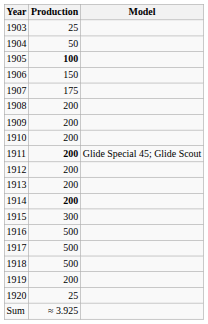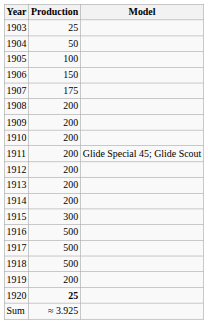 <table class="wikitable sortable">
 <tr>
 <th>Year</th>
 <th>Production</th>
 <th>Model</th>
 </tr>
 <tr>
 <td>1903</td>
 <td align="right">25</td>
 <td></td>
 </tr>
 <tr>
 <td>1904</td>
 <td align="right">50</td>
 <td></td>
 </tr>
 <tr>
 <td>1905</td>
-<td align="right"><strong>100</strong></td>
+<td align="right">100</td>
 <td></td>
 </tr>
 <tr>
 <td>1906</td>
 <td align="right">150</td>
 <td></td>
 </tr>
 <tr>
 <td>1907</td>
 <td align="right">175</td>
 <td></td>
 </tr>
 <tr>
 <td>1908</td>
 <td align="right">200</td>
 <td></td>
 </tr>
 <tr>
 <td>1909</td>
 <td align="right">200</td>
 <td></td>
 </tr>
 <tr>
 <td>1910</td>
 <td align="right">200</td>
 <td></td>
 </tr>
 <tr>
 <td>1911</td>
-<td align="right"><strong>200</strong></td>
+<td align="right">200</td>
 <td>Glide Special 45; Glide Scout</td>
 </tr>
 <tr>
 <td>1912</td>
 <td align="right">200</td>
 <td></td>
 </tr>
 <tr>
 <td>1913</td>
 <td align="right">200</td>
 <td></td>
 </tr>
 <tr>
 <td>1914</td>
-<td align="right"><strong>200</strong></td>
+<td align="right">200</td>
 <td></td>
 </tr>
 <tr>
 <td>1915</td>
 <td align="right">300</td>
 <td></td>
 </tr>
 <tr>
 <td>1916</td>
 <td align="right">500</td>
 <td></td>
 </tr>
 <tr>
 <td>1917</td>
 <td align="right">500</td>
 <td></td>
 </tr>
 <tr>
 <td>1918</td>
 <td align="right">500</td>
 <td></td>
 </tr>
 <tr>
 <td>1919</td>
 <td align="right">200</td>
 <td></td>
 </tr>
 <tr>
 <td>1920</td>
-<td align="right">25</td>
+<td align="right"><strong>25</strong></td>
 <td></td>
 </tr>
 <tr>
 <td>Sum</td>
 <td align="right">≈ 3.925 </td>
 </tr>
 </table>
